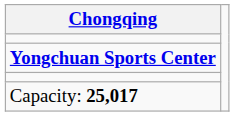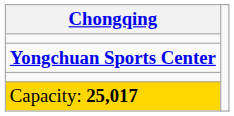 <table class="wikitable" style="margin-left: auto; margin-right: auto; border: none;">
 <tr>
 <th><a href='#'>Chongqing</a></th>
 <td rowspan="5"><br></td>
 </tr>
 <tr>
 <td align="center"></td>
 </tr>
 <tr>
 <td><strong><a href='#'>Yongchuan Sports Center</a></strong></td>
 </tr>
 <tr>
 <td><small></small></td>
 </tr>
 <tr>
-<td>Capacity: <strong>25,017</strong></td>
+<td style="background: gold;">Capacity: <strong>25,017</strong></td>
 </tr>
 </table>
